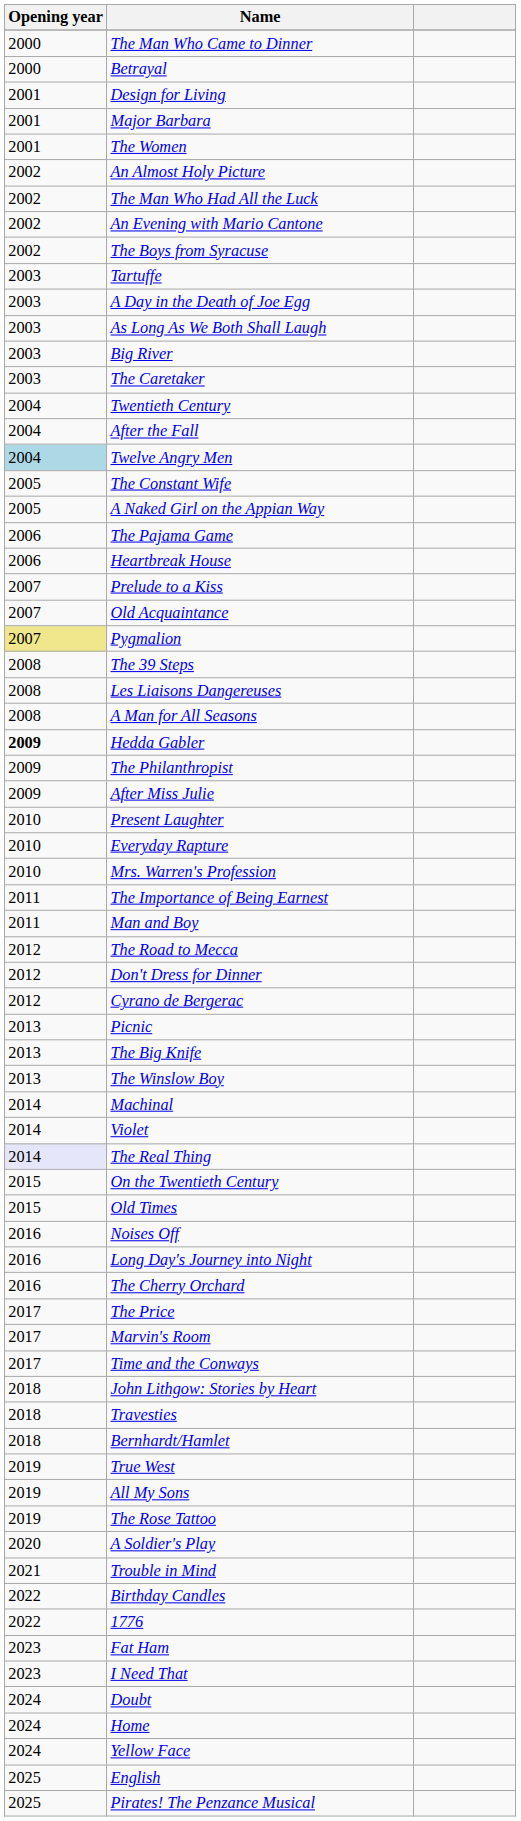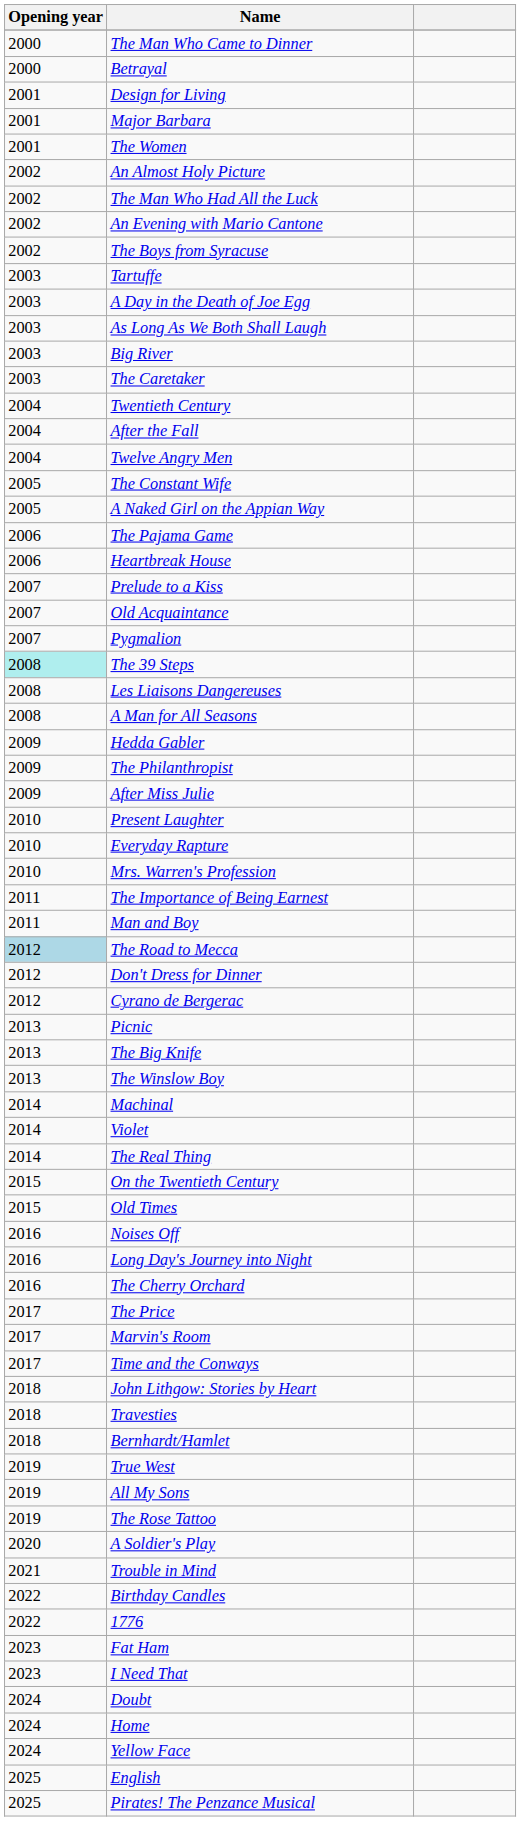 <table class="wikitable sortable collapsible">
 <tr>
 <th width=20% scope="col">Opening year</th>
 <th width=60% scope="col">Name</th>
 <th width=20% scope="col" class="unsortable"></th>
 </tr>
 <tr>
 </tr>
 <tr>
 <td>2000</td>
 <td><em><a href='#'>The Man Who Came to Dinner</a></em></td>
 <td></td>
 </tr>
 <tr>
 <td>2000</td>
 <td><em><a href='#'>Betrayal</a></em></td>
 <td></td>
 </tr>
 <tr>
 <td>2001</td>
 <td><em><a href='#'>Design for Living</a></em></td>
 <td></td>
 </tr>
 <tr>
 <td>2001</td>
 <td><em><a href='#'>Major Barbara</a></em></td>
 <td></td>
 </tr>
 <tr>
 <td>2001</td>
 <td><em><a href='#'>The Women</a></em></td>
 <td></td>
 </tr>
 <tr>
 <td>2002</td>
 <td><em><a href='#'>An Almost Holy Picture</a></em></td>
 <td></td>
 </tr>
 <tr>
 <td>2002</td>
 <td><em><a href='#'>The Man Who Had All the Luck</a></em></td>
 <td></td>
 </tr>
 <tr>
 <td>2002</td>
 <td><em><a href='#'>An Evening with Mario Cantone</a></em></td>
 <td></td>
 </tr>
 <tr>
 <td>2002</td>
 <td><em><a href='#'>The Boys from Syracuse</a></em></td>
 <td></td>
 </tr>
 <tr>
 <td>2003</td>
 <td><em><a href='#'>Tartuffe</a></em></td>
 <td></td>
 </tr>
 <tr>
 <td>2003</td>
 <td><em><a href='#'>A Day in the Death of Joe Egg</a></em></td>
 <td></td>
 </tr>
 <tr>
 <td>2003</td>
 <td><em><a href='#'>As Long As We Both Shall Laugh</a></em></td>
 <td></td>
 </tr>
 <tr>
 <td>2003</td>
 <td><em><a href='#'>Big River</a></em></td>
 <td></td>
 </tr>
 <tr>
 <td>2003</td>
 <td><em><a href='#'>The Caretaker</a></em></td>
 <td></td>
 </tr>
 <tr>
 <td>2004</td>
 <td><em><a href='#'>Twentieth Century</a></em></td>
 <td></td>
 </tr>
 <tr>
 <td>2004</td>
 <td><em><a href='#'>After the Fall</a></em></td>
 <td></td>
 </tr>
 <tr>
-<td style="background: lightblue;">2004</td>
+<td>2004</td>
 <td><em><a href='#'>Twelve Angry Men</a></em></td>
 <td></td>
 </tr>
 <tr>
 <td>2005</td>
 <td><em><a href='#'>The Constant Wife</a></em></td>
 <td></td>
 </tr>
 <tr>
 <td>2005</td>
 <td><em><a href='#'>A Naked Girl on the Appian Way</a></em></td>
 <td></td>
 </tr>
 <tr>
 <td>2006</td>
 <td><em><a href='#'>The Pajama Game</a></em></td>
 <td></td>
 </tr>
 <tr>
 <td>2006</td>
 <td><em><a href='#'>Heartbreak House</a></em></td>
 <td></td>
 </tr>
 <tr>
 <td>2007</td>
 <td><em><a href='#'>Prelude to a Kiss</a></em></td>
 <td></td>
 </tr>
 <tr>
 <td>2007</td>
 <td><em><a href='#'>Old Acquaintance</a></em></td>
 <td></td>
 </tr>
 <tr>
-<td style="background: khaki;">2007</td>
+<td>2007</td>
 <td><em><a href='#'>Pygmalion</a></em></td>
 <td></td>
 </tr>
 <tr>
-<td>2008</td>
+<td style="background: paleturquoise;">2008</td>
 <td><em><a href='#'>The 39 Steps</a></em></td>
 <td></td>
 </tr>
 <tr>
 <td>2008</td>
 <td><em><a href='#'>Les Liaisons Dangereuses</a></em></td>
 <td></td>
 </tr>
 <tr>
 <td>2008</td>
 <td><em><a href='#'>A Man for All Seasons</a></em></td>
 <td></td>
 </tr>
 <tr>
-<td><strong>2009</strong></td>
+<td>2009</td>
 <td><em><a href='#'>Hedda Gabler</a></em></td>
 <td></td>
 </tr>
 <tr>
 <td>2009</td>
 <td><em><a href='#'>The Philanthropist</a></em></td>
 <td></td>
 </tr>
 <tr>
 <td>2009</td>
 <td><em><a href='#'>After Miss Julie</a></em></td>
 <td></td>
 </tr>
 <tr>
 <td>2010</td>
 <td><em><a href='#'>Present Laughter</a></em></td>
 <td></td>
 </tr>
 <tr>
 <td>2010</td>
 <td><em><a href='#'>Everyday Rapture</a></em></td>
 <td></td>
 </tr>
 <tr>
 <td>2010</td>
 <td><em><a href='#'>Mrs. Warren's Profession</a></em></td>
 <td></td>
 </tr>
 <tr>
 <td>2011</td>
 <td><em><a href='#'>The Importance of Being Earnest</a></em></td>
 <td></td>
 </tr>
 <tr>
 <td>2011</td>
 <td><em><a href='#'>Man and Boy</a></em></td>
 <td></td>
 </tr>
 <tr>
-<td>2012</td>
+<td style="background: lightblue;">2012</td>
 <td><em><a href='#'>The Road to Mecca</a></em></td>
 <td></td>
 </tr>
 <tr>
 <td>2012</td>
 <td><em><a href='#'>Don't Dress for Dinner</a></em></td>
 <td></td>
 </tr>
 <tr>
 <td>2012</td>
 <td><em><a href='#'>Cyrano de Bergerac</a></em></td>
 <td></td>
 </tr>
 <tr>
 <td>2013</td>
 <td><em><a href='#'>Picnic</a></em></td>
 <td></td>
 </tr>
 <tr>
 <td>2013</td>
 <td><em><a href='#'>The Big Knife</a></em></td>
 <td></td>
 </tr>
 <tr>
 <td>2013</td>
 <td><em><a href='#'>The Winslow Boy</a></em></td>
 <td></td>
 </tr>
 <tr>
 <td>2014</td>
 <td><em><a href='#'>Machinal</a></em></td>
 <td></td>
 </tr>
 <tr>
 <td>2014</td>
 <td><em><a href='#'>Violet</a></em></td>
 <td></td>
 </tr>
 <tr>
-<td style="background: lavender;">2014</td>
+<td>2014</td>
 <td><em><a href='#'>The Real Thing</a></em></td>
 <td></td>
 </tr>
 <tr>
 <td>2015</td>
 <td><em><a href='#'>On the Twentieth Century</a></em></td>
 <td></td>
 </tr>
 <tr>
 <td>2015</td>
 <td><em><a href='#'>Old Times</a></em></td>
 <td></td>
 </tr>
 <tr>
 <td>2016</td>
 <td><em><a href='#'>Noises Off</a></em></td>
 <td></td>
 </tr>
 <tr>
 <td>2016</td>
 <td><em><a href='#'>Long Day's Journey into Night</a></em></td>
 <td></td>
 </tr>
 <tr>
 <td>2016</td>
 <td><em><a href='#'>The Cherry Orchard</a></em></td>
 <td></td>
 </tr>
 <tr>
 <td>2017</td>
 <td><em><a href='#'>The Price</a></em></td>
 <td></td>
 </tr>
 <tr>
 <td>2017</td>
 <td><em><a href='#'>Marvin's Room</a></em></td>
 <td></td>
 </tr>
 <tr>
 <td>2017</td>
 <td><em><a href='#'>Time and the Conways</a></em></td>
 <td></td>
 </tr>
 <tr>
 <td>2018</td>
 <td><em><a href='#'>John Lithgow: Stories by Heart</a></em></td>
 <td></td>
 </tr>
 <tr>
 <td>2018</td>
 <td><em><a href='#'>Travesties</a></em></td>
 <td></td>
 </tr>
 <tr>
 <td>2018</td>
 <td><em><a href='#'>Bernhardt/Hamlet</a></em></td>
 <td></td>
 </tr>
 <tr>
 <td>2019</td>
 <td><em><a href='#'>True West</a></em></td>
 <td></td>
 </tr>
 <tr>
 <td>2019</td>
 <td><em><a href='#'>All My Sons</a></em></td>
 <td></td>
 </tr>
 <tr>
 <td>2019</td>
 <td><em><a href='#'>The Rose Tattoo</a></em></td>
 <td></td>
 </tr>
 <tr>
 <td>2020</td>
 <td><em><a href='#'>A Soldier's Play</a></em></td>
 <td></td>
 </tr>
 <tr>
 <td>2021</td>
 <td><em><a href='#'>Trouble in Mind</a></em></td>
 <td></td>
 </tr>
 <tr>
 <td>2022</td>
 <td><em><a href='#'>Birthday Candles</a></em></td>
 <td></td>
 </tr>
 <tr>
 <td>2022</td>
 <td><em><a href='#'>1776</a></em></td>
 <td></td>
 </tr>
 <tr>
 <td>2023</td>
 <td><em><a href='#'>Fat Ham</a></em></td>
 <td></td>
 </tr>
 <tr>
 <td>2023</td>
 <td><em><a href='#'>I Need That</a></em></td>
 <td></td>
 </tr>
 <tr>
 <td>2024</td>
 <td><em><a href='#'>Doubt</a></em></td>
 <td></td>
 </tr>
 <tr>
 <td>2024</td>
 <td><em><a href='#'>Home</a></em></td>
 <td></td>
 </tr>
 <tr>
 <td>2024</td>
 <td><em><a href='#'>Yellow Face</a></em></td>
 <td></td>
 </tr>
 <tr>
 <td>2025</td>
 <td><em><a href='#'>English</a></em></td>
 <td></td>
 </tr>
 <tr>
 <td>2025</td>
 <td><em><a href='#'>Pirates! The Penzance Musical</a></em></td>
 <td></td>
 </tr>
 </table>
